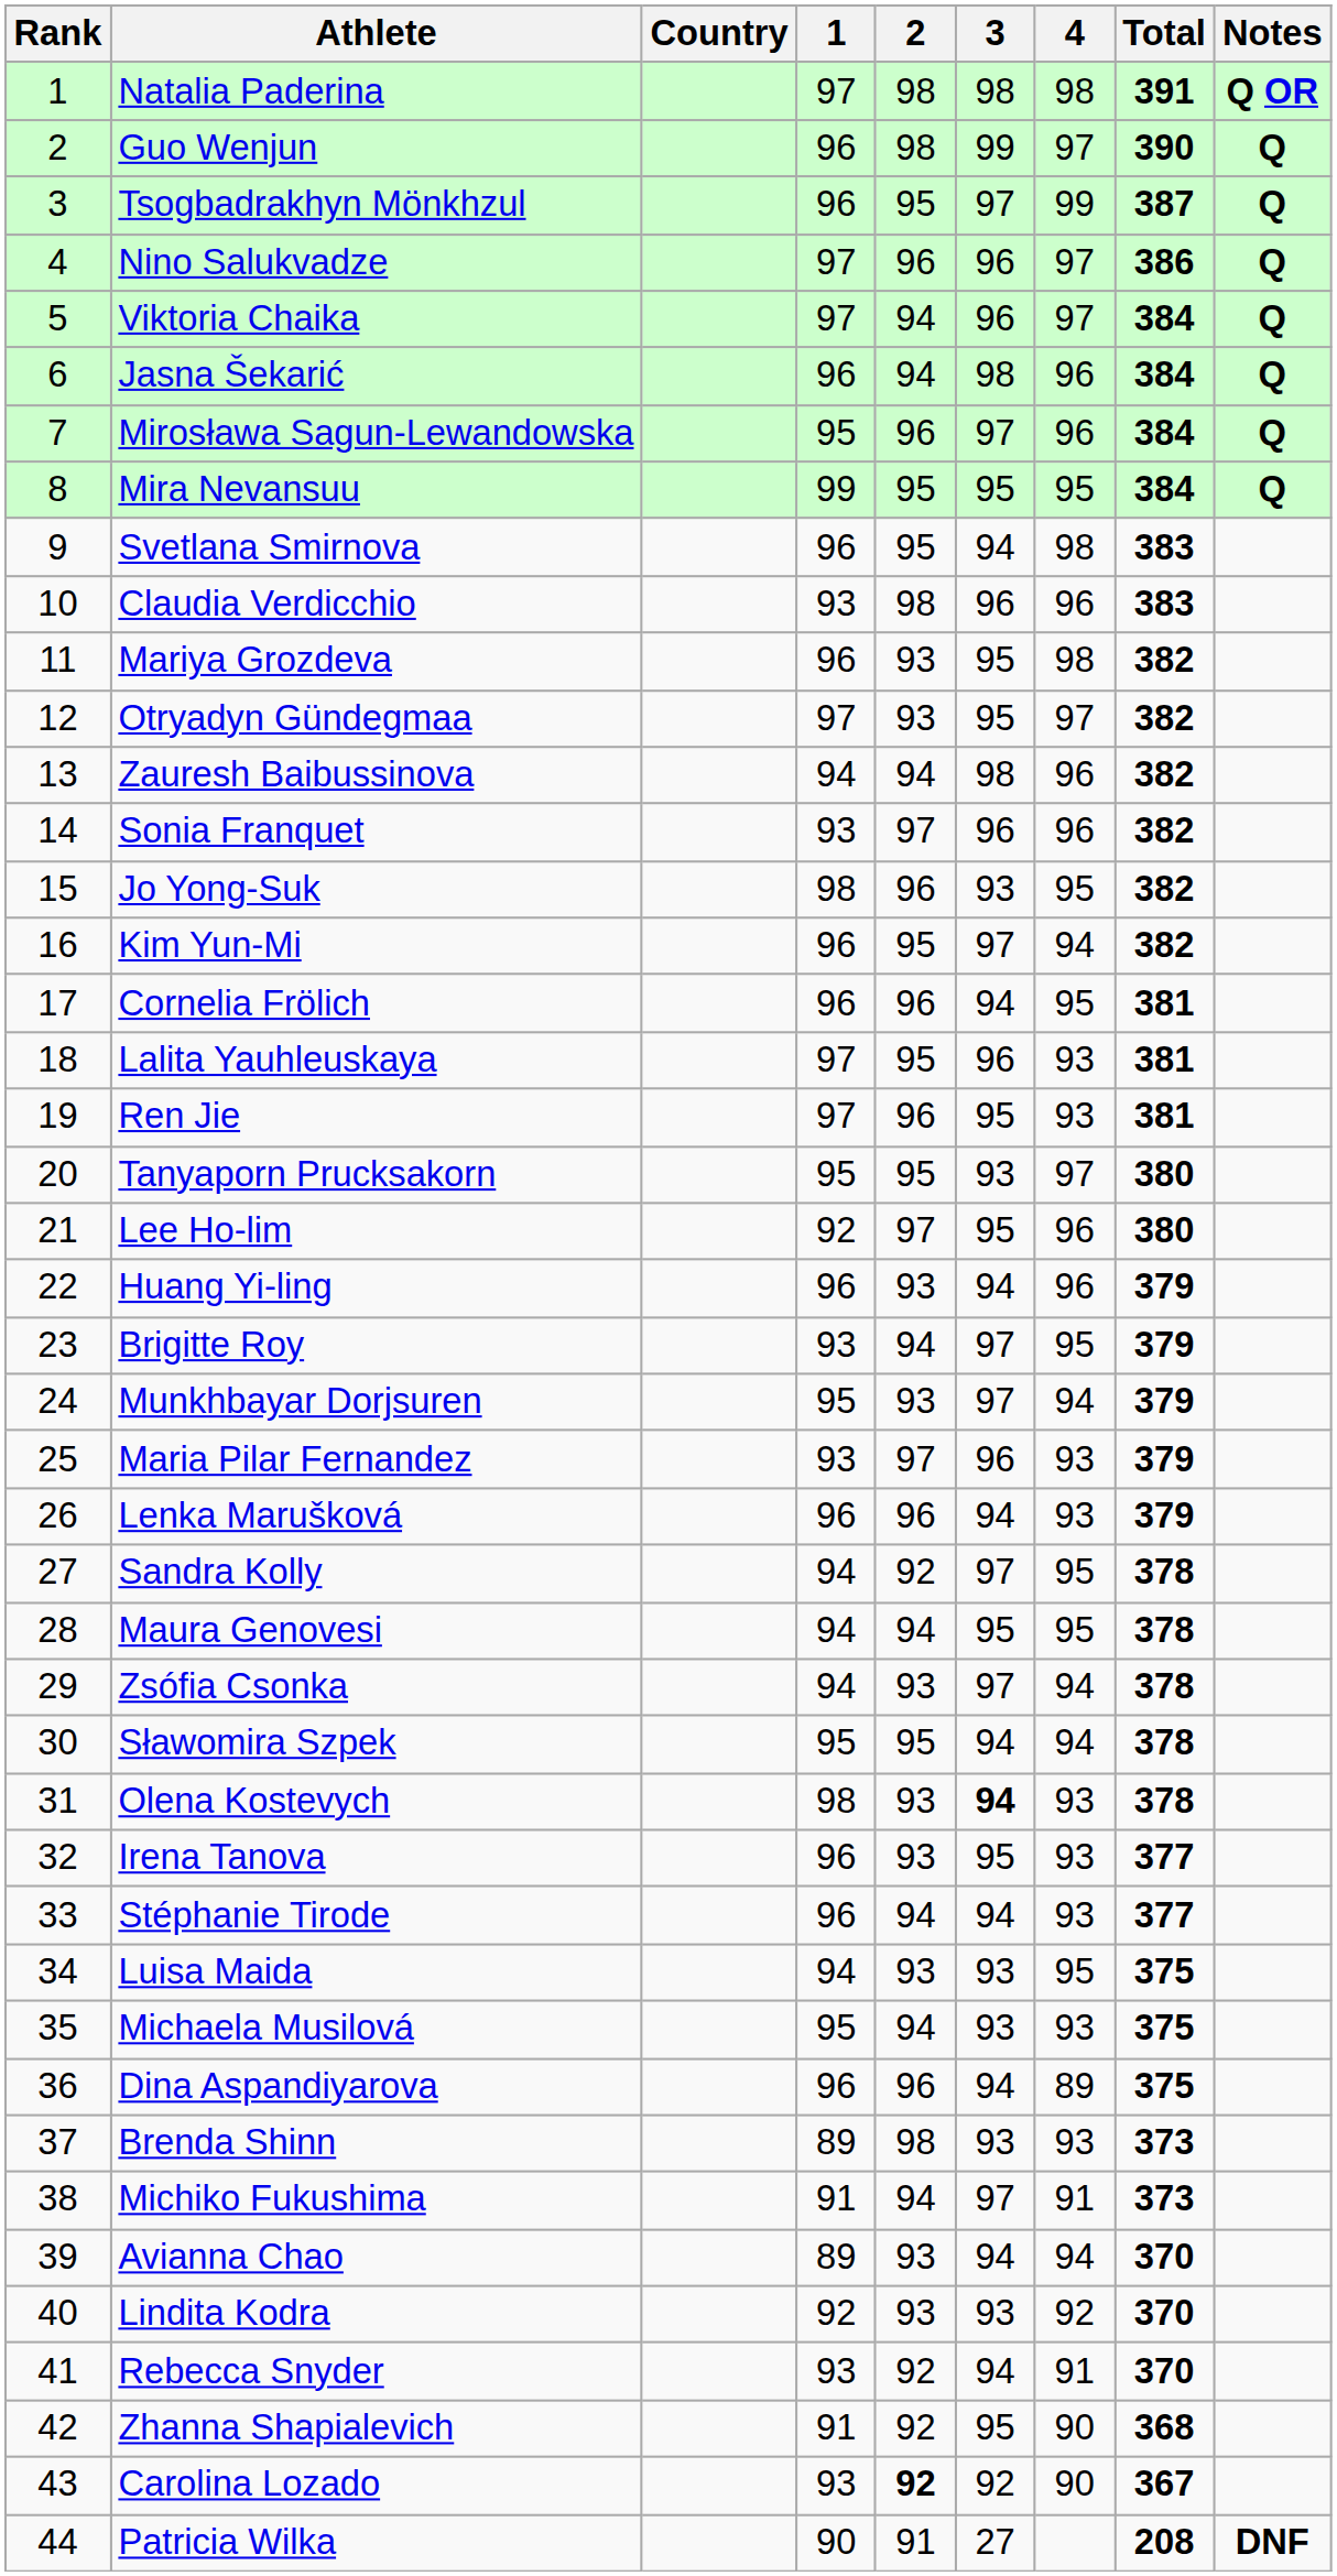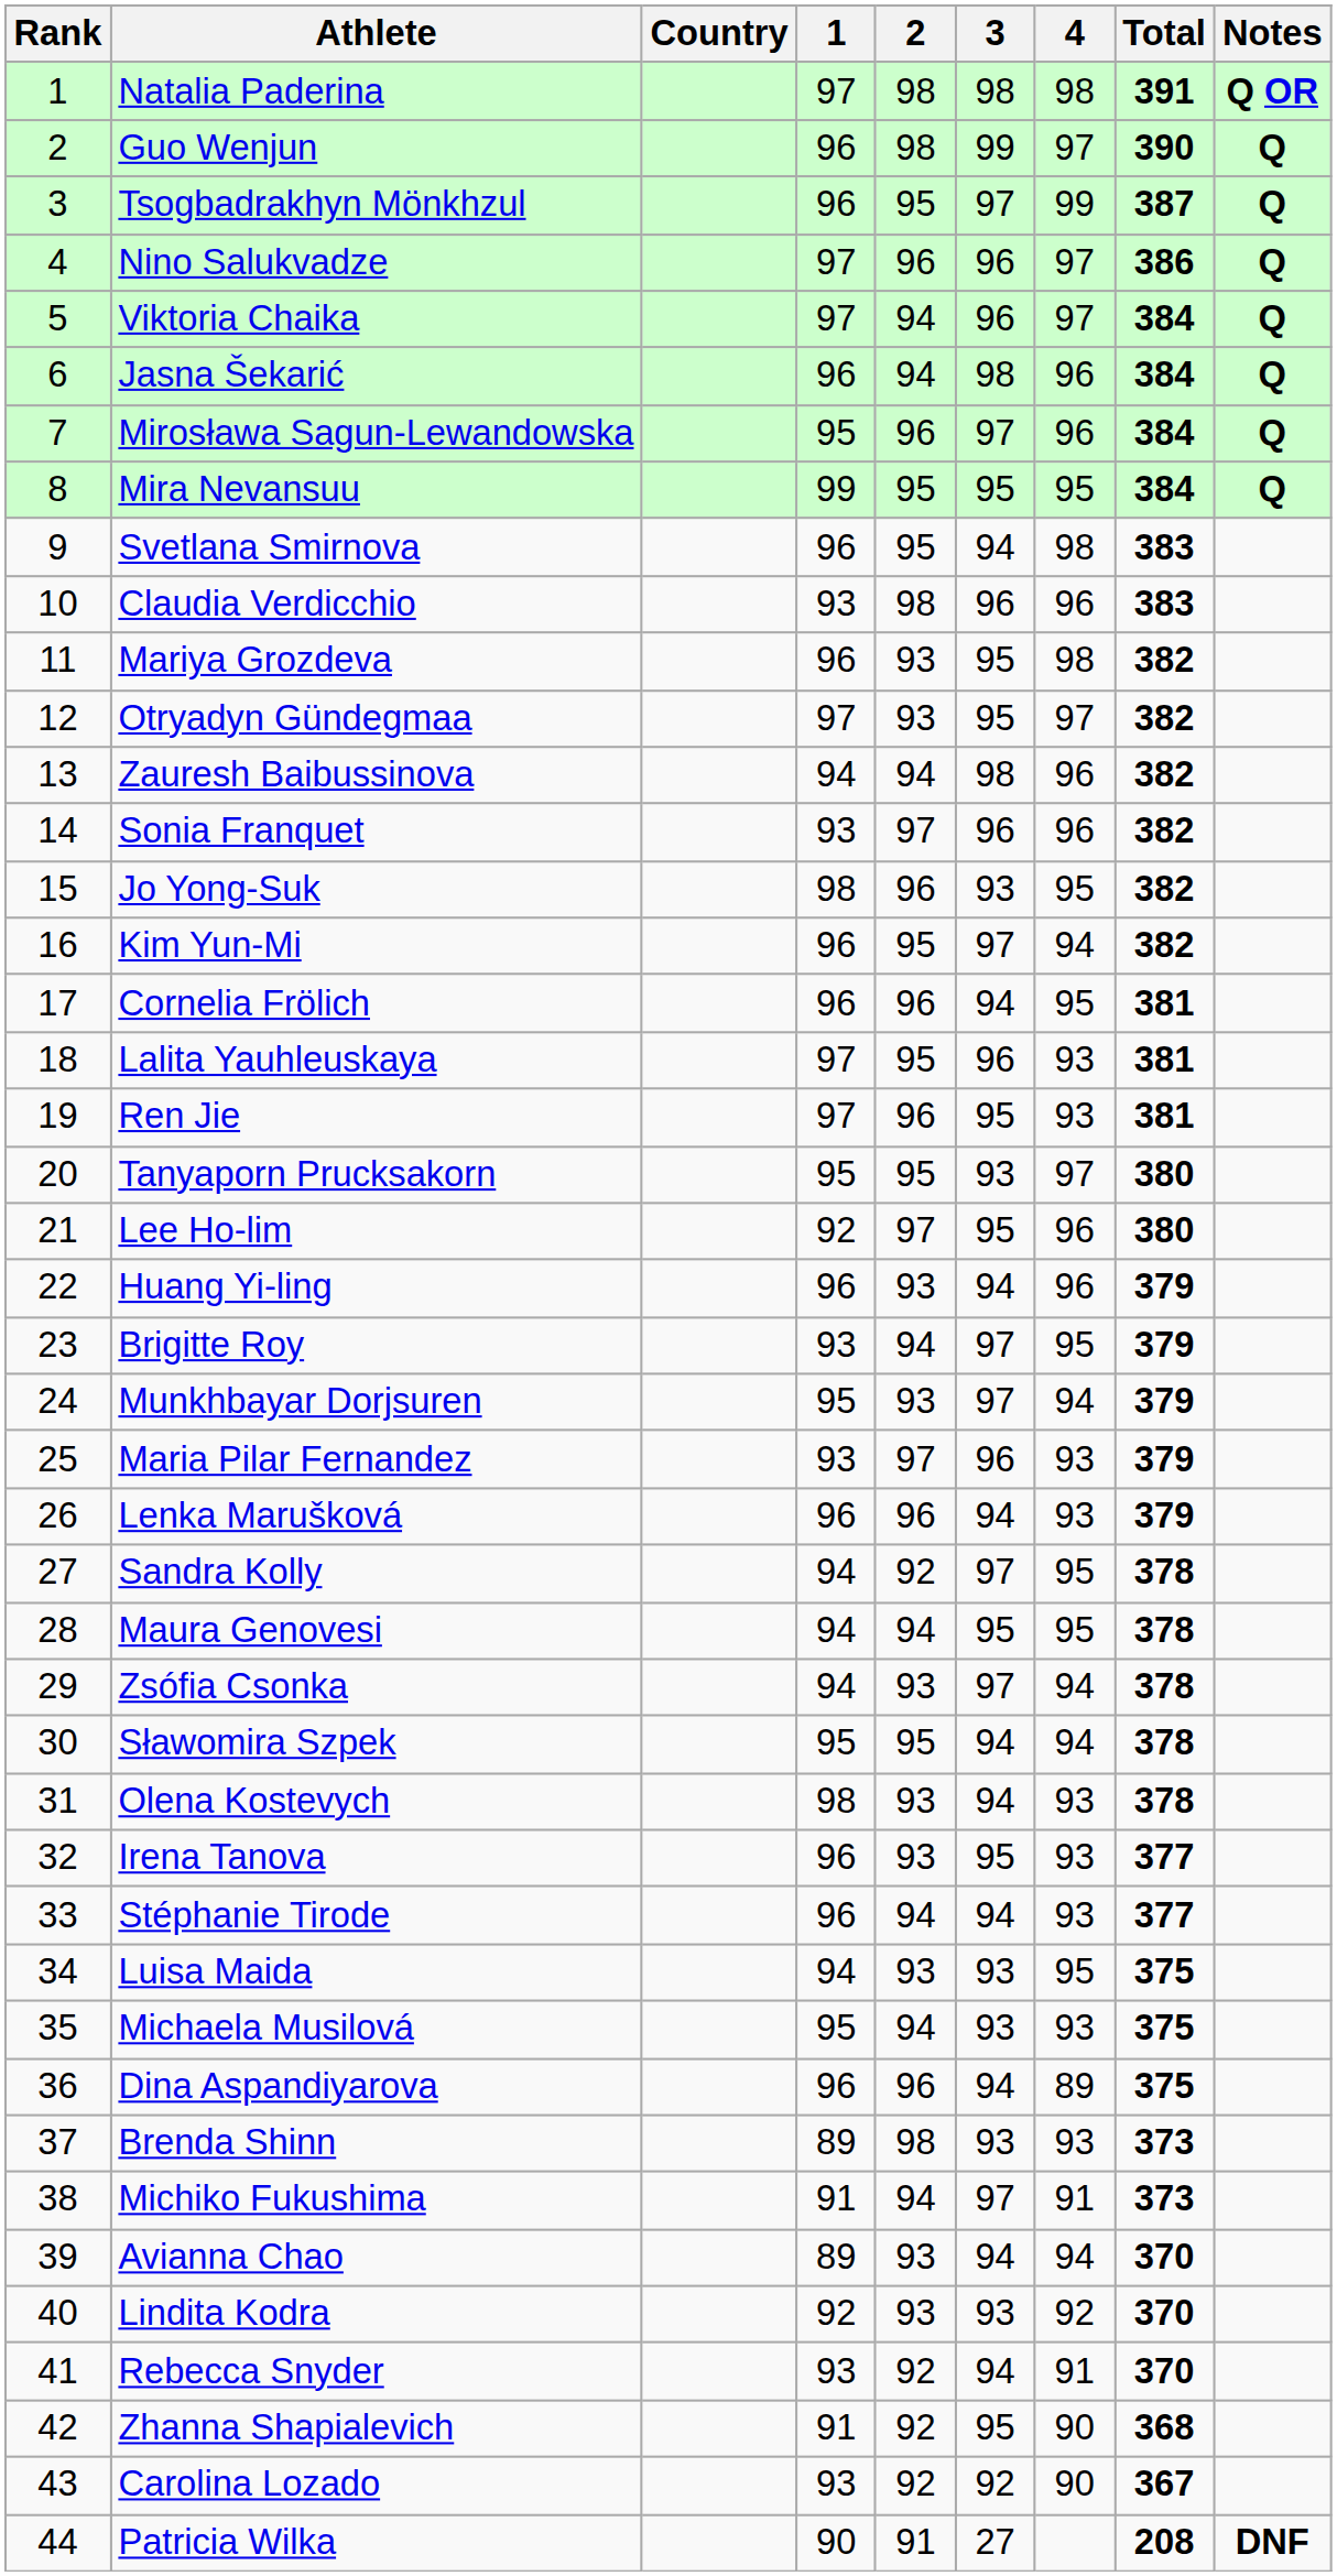 <table class="wikitable sortable" style="text-align:center">
 <tr>
 <th>Rank</th>
 <th>Athlete</th>
 <th>Country</th>
 <th class="unsortable" style="width: 28px">1</th>
 <th class="unsortable" style="width: 28px">2</th>
 <th class="unsortable" style="width: 28px">3</th>
 <th class="unsortable" style="width: 28px">4</th>
 <th>Total</th>
 <th class="unsortable">Notes</th>
 </tr>
 <tr bgcolor=#ccffcc>
 <td>1</td>
 <td align="left"><a href='#'>Natalia Paderina</a></td>
 <td align="left"></td>
 <td>97</td>
 <td>98</td>
 <td>98</td>
 <td>98</td>
 <td><strong>391</strong></td>
 <td><strong>Q</strong> <strong><a href='#'>OR</a></strong></td>
 </tr>
 <tr bgcolor=#ccffcc>
 <td>2</td>
 <td align="left"><a href='#'>Guo Wenjun</a></td>
 <td align="left"></td>
 <td>96</td>
 <td>98</td>
 <td>99</td>
 <td>97</td>
 <td><strong>390</strong></td>
 <td><strong>Q</strong></td>
 </tr>
 <tr bgcolor=#ccffcc>
 <td>3</td>
 <td align="left"><a href='#'>Tsogbadrakhyn Mönkhzul</a></td>
 <td align="left"></td>
 <td>96</td>
 <td>95</td>
 <td>97</td>
 <td>99</td>
 <td><strong>387</strong></td>
 <td><strong>Q</strong></td>
 </tr>
 <tr bgcolor=#ccffcc>
 <td>4</td>
 <td align="left"><a href='#'>Nino Salukvadze</a></td>
 <td align="left"></td>
 <td>97</td>
 <td>96</td>
 <td>96</td>
 <td>97</td>
 <td><strong>386</strong></td>
 <td><strong>Q</strong></td>
 </tr>
 <tr bgcolor=#ccffcc>
 <td>5</td>
 <td align="left"><a href='#'>Viktoria Chaika</a></td>
 <td align="left"></td>
 <td>97</td>
 <td>94</td>
 <td>96</td>
 <td>97</td>
 <td><strong>384</strong></td>
 <td><strong>Q</strong></td>
 </tr>
 <tr bgcolor=#ccffcc>
 <td>6</td>
 <td align="left"><a href='#'>Jasna Šekarić</a></td>
 <td align="left"></td>
 <td>96</td>
 <td>94</td>
 <td>98</td>
 <td>96</td>
 <td><strong>384</strong></td>
 <td><strong>Q</strong></td>
 </tr>
 <tr bgcolor=#ccffcc>
 <td>7</td>
 <td align="left"><a href='#'>Mirosława Sagun-Lewandowska</a></td>
 <td align="left"></td>
 <td>95</td>
 <td>96</td>
 <td>97</td>
 <td>96</td>
 <td><strong>384</strong></td>
 <td><strong>Q</strong></td>
 </tr>
 <tr bgcolor=#ccffcc>
 <td>8</td>
 <td align="left"><a href='#'>Mira Nevansuu</a></td>
 <td align="left"></td>
 <td>99</td>
 <td>95</td>
 <td>95</td>
 <td>95</td>
 <td><strong>384</strong></td>
 <td><strong>Q</strong></td>
 </tr>
 <tr>
 <td>9</td>
 <td align="left"><a href='#'>Svetlana Smirnova</a></td>
 <td align="left"></td>
 <td>96</td>
 <td>95</td>
 <td>94</td>
 <td>98</td>
 <td><strong>383</strong></td>
 <td></td>
 </tr>
 <tr>
 <td>10</td>
 <td align="left"><a href='#'>Claudia Verdicchio</a></td>
 <td align="left"></td>
 <td>93</td>
 <td>98</td>
 <td>96</td>
 <td>96</td>
 <td><strong>383</strong></td>
 <td></td>
 </tr>
 <tr>
 <td>11</td>
 <td align="left"><a href='#'>Mariya Grozdeva</a></td>
 <td align="left"></td>
 <td>96</td>
 <td>93</td>
 <td>95</td>
 <td>98</td>
 <td><strong>382</strong></td>
 <td></td>
 </tr>
 <tr>
 <td>12</td>
 <td align="left"><a href='#'>Otryadyn Gündegmaa</a></td>
 <td align="left"></td>
 <td>97</td>
 <td>93</td>
 <td>95</td>
 <td>97</td>
 <td><strong>382</strong></td>
 <td></td>
 </tr>
 <tr>
 <td>13</td>
 <td align="left"><a href='#'>Zauresh Baibussinova</a></td>
 <td align="left"></td>
 <td>94</td>
 <td>94</td>
 <td>98</td>
 <td>96</td>
 <td><strong>382</strong></td>
 <td></td>
 </tr>
 <tr>
 <td>14</td>
 <td align="left"><a href='#'>Sonia Franquet</a></td>
 <td align="left"></td>
 <td>93</td>
 <td>97</td>
 <td>96</td>
 <td>96</td>
 <td><strong>382</strong></td>
 <td></td>
 </tr>
 <tr>
 <td>15</td>
 <td align="left"><a href='#'>Jo Yong-Suk</a></td>
 <td align="left"></td>
 <td>98</td>
 <td>96</td>
 <td>93</td>
 <td>95</td>
 <td><strong>382</strong></td>
 <td></td>
 </tr>
 <tr>
 <td>16</td>
 <td align="left"><a href='#'>Kim Yun-Mi</a></td>
 <td align="left"></td>
 <td>96</td>
 <td>95</td>
 <td>97</td>
 <td>94</td>
 <td><strong>382</strong></td>
 <td></td>
 </tr>
 <tr>
 <td>17</td>
 <td align="left"><a href='#'>Cornelia Frölich</a></td>
 <td align="left"></td>
 <td>96</td>
 <td>96</td>
 <td>94</td>
 <td>95</td>
 <td><strong>381</strong></td>
 <td></td>
 </tr>
 <tr>
 <td>18</td>
 <td align="left"><a href='#'>Lalita Yauhleuskaya</a></td>
 <td align="left"></td>
 <td>97</td>
 <td>95</td>
 <td>96</td>
 <td>93</td>
 <td><strong>381</strong></td>
 <td></td>
 </tr>
 <tr>
 <td>19</td>
 <td align="left"><a href='#'>Ren Jie</a></td>
 <td align="left"></td>
 <td>97</td>
 <td>96</td>
 <td>95</td>
 <td>93</td>
 <td><strong>381</strong></td>
 <td></td>
 </tr>
 <tr>
 <td>20</td>
 <td align="left"><a href='#'>Tanyaporn Prucksakorn</a></td>
 <td align="left"></td>
 <td>95</td>
 <td>95</td>
 <td>93</td>
 <td>97</td>
 <td><strong>380</strong></td>
 <td></td>
 </tr>
 <tr>
 <td>21</td>
 <td align="left"><a href='#'>Lee Ho-lim</a></td>
 <td align="left"></td>
 <td>92</td>
 <td>97</td>
 <td>95</td>
 <td>96</td>
 <td><strong>380</strong></td>
 <td></td>
 </tr>
 <tr>
 <td>22</td>
 <td align="left"><a href='#'>Huang Yi-ling</a></td>
 <td align="left"></td>
 <td>96</td>
 <td>93</td>
 <td>94</td>
 <td>96</td>
 <td><strong>379</strong></td>
 <td></td>
 </tr>
 <tr>
 <td>23</td>
 <td align="left"><a href='#'>Brigitte Roy</a></td>
 <td align="left"></td>
 <td>93</td>
 <td>94</td>
 <td>97</td>
 <td>95</td>
 <td><strong>379</strong></td>
 <td></td>
 </tr>
 <tr>
 <td>24</td>
 <td align="left"><a href='#'>Munkhbayar Dorjsuren</a></td>
 <td align="left"></td>
 <td>95</td>
 <td>93</td>
 <td>97</td>
 <td>94</td>
 <td><strong>379</strong></td>
 <td></td>
 </tr>
 <tr>
 <td>25</td>
 <td align="left"><a href='#'>Maria Pilar Fernandez</a></td>
 <td align="left"></td>
 <td>93</td>
 <td>97</td>
 <td>96</td>
 <td>93</td>
 <td><strong>379</strong></td>
 <td></td>
 </tr>
 <tr>
 <td>26</td>
 <td align="left"><a href='#'>Lenka Marušková</a></td>
 <td align="left"></td>
 <td>96</td>
 <td>96</td>
 <td>94</td>
 <td>93</td>
 <td><strong>379</strong></td>
 <td></td>
 </tr>
 <tr>
 <td>27</td>
 <td align="left"><a href='#'>Sandra Kolly</a></td>
 <td align="left"></td>
 <td>94</td>
 <td>92</td>
 <td>97</td>
 <td>95</td>
 <td><strong>378</strong></td>
 <td></td>
 </tr>
 <tr>
 <td>28</td>
 <td align="left"><a href='#'>Maura Genovesi</a></td>
 <td align="left"></td>
 <td>94</td>
 <td>94</td>
 <td>95</td>
 <td>95</td>
 <td><strong>378</strong></td>
 <td></td>
 </tr>
 <tr>
 <td>29</td>
 <td align="left"><a href='#'>Zsófia Csonka</a></td>
 <td align="left"></td>
 <td>94</td>
 <td>93</td>
 <td>97</td>
 <td>94</td>
 <td><strong>378</strong></td>
 <td></td>
 </tr>
 <tr>
 <td>30</td>
 <td align="left"><a href='#'>Sławomira Szpek</a></td>
 <td align="left"></td>
 <td>95</td>
 <td>95</td>
 <td>94</td>
 <td>94</td>
 <td><strong>378</strong></td>
 <td></td>
 </tr>
 <tr>
 <td>31</td>
 <td align="left"><a href='#'>Olena Kostevych</a></td>
 <td align="left"></td>
 <td>98</td>
 <td>93</td>
-<td><strong>94</strong></td>
+<td>94</td>
 <td>93</td>
 <td><strong>378</strong></td>
 <td></td>
 </tr>
 <tr>
 <td>32</td>
 <td align="left"><a href='#'>Irena Tanova</a></td>
 <td align="left"></td>
 <td>96</td>
 <td>93</td>
 <td>95</td>
 <td>93</td>
 <td><strong>377</strong></td>
 <td></td>
 </tr>
 <tr>
 <td>33</td>
 <td align="left"><a href='#'>Stéphanie Tirode</a></td>
 <td align="left"></td>
 <td>96</td>
 <td>94</td>
 <td>94</td>
 <td>93</td>
 <td><strong>377</strong></td>
 <td></td>
 </tr>
 <tr>
 <td>34</td>
 <td align="left"><a href='#'>Luisa Maida</a></td>
 <td align="left"></td>
 <td>94</td>
 <td>93</td>
 <td>93</td>
 <td>95</td>
 <td><strong>375</strong></td>
 <td></td>
 </tr>
 <tr>
 <td>35</td>
 <td align="left"><a href='#'>Michaela Musilová</a></td>
 <td align="left"></td>
 <td>95</td>
 <td>94</td>
 <td>93</td>
 <td>93</td>
 <td><strong>375</strong></td>
 <td></td>
 </tr>
 <tr>
 <td>36</td>
 <td align="left"><a href='#'>Dina Aspandiyarova</a></td>
 <td align="left"></td>
 <td>96</td>
 <td>96</td>
 <td>94</td>
 <td>89</td>
 <td><strong>375</strong></td>
 <td></td>
 </tr>
 <tr>
 <td>37</td>
 <td align="left"><a href='#'>Brenda Shinn</a></td>
 <td align="left"></td>
 <td>89</td>
 <td>98</td>
 <td>93</td>
 <td>93</td>
 <td><strong>373</strong></td>
 <td></td>
 </tr>
 <tr>
 <td>38</td>
 <td align="left"><a href='#'>Michiko Fukushima</a></td>
 <td align="left"></td>
 <td>91</td>
 <td>94</td>
 <td>97</td>
 <td>91</td>
 <td><strong>373</strong></td>
 <td></td>
 </tr>
 <tr>
 <td>39</td>
 <td align="left"><a href='#'>Avianna Chao</a></td>
 <td align="left"></td>
 <td>89</td>
 <td>93</td>
 <td>94</td>
 <td>94</td>
 <td><strong>370</strong></td>
 <td></td>
 </tr>
 <tr>
 <td>40</td>
 <td align="left"><a href='#'>Lindita Kodra</a></td>
 <td align="left"></td>
 <td>92</td>
 <td>93</td>
 <td>93</td>
 <td>92</td>
 <td><strong>370</strong></td>
 <td></td>
 </tr>
 <tr>
 <td>41</td>
 <td align="left"><a href='#'>Rebecca Snyder</a></td>
 <td align="left"></td>
 <td>93</td>
 <td>92</td>
 <td>94</td>
 <td>91</td>
 <td><strong>370</strong></td>
 <td></td>
 </tr>
 <tr>
 <td>42</td>
 <td align="left"><a href='#'>Zhanna Shapialevich</a></td>
 <td align="left"></td>
 <td>91</td>
 <td>92</td>
 <td>95</td>
 <td>90</td>
 <td><strong>368</strong></td>
 <td></td>
 </tr>
 <tr>
 <td>43</td>
 <td align="left"><a href='#'>Carolina Lozado</a></td>
 <td align="left"></td>
 <td>93</td>
-<td><strong>92</strong></td>
+<td>92</td>
 <td>92</td>
 <td>90</td>
 <td><strong>367</strong></td>
 <td></td>
 </tr>
 <tr>
 <td>44</td>
 <td align="left"><a href='#'>Patricia Wilka</a></td>
 <td align="left"></td>
 <td>90</td>
 <td>91</td>
 <td>27</td>
 <td></td>
 <td><strong>208</strong></td>
 <td><strong>DNF</strong></td>
 </tr>
 </table>
